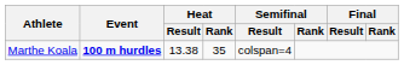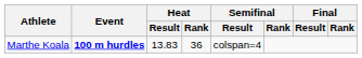 <table class="wikitable" style="font-size:90%">
 <tr>
 <th rowspan="2">Athlete</th>
 <th rowspan="2">Event</th>
 <th colspan="2">Heat</th>
 <th colspan="2">Semifinal</th>
 <th colspan="2">Final</th>
 </tr>
 <tr style="font-size:95%">
 <th>Result</th>
 <th>Rank</th>
 <th>Result</th>
 <th>Rank</th>
 <th>Result</th>
 <th>Rank</th>
 </tr>
 <tr style=text-align:center>
 <td style=text-align:left><a href='#'>Marthe Koala</a></td>
 <td style=text-align:left><strong><a href='#'>100 m hurdles</a></strong></td>
-<td>13.38</td>
-<td>35</td>
+<td>13.83</td>
+<td>36</td>
 <td>colspan=4 </td>
 </tr>
 </table>
